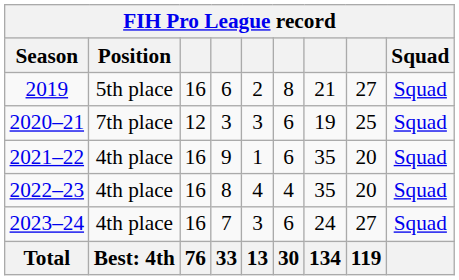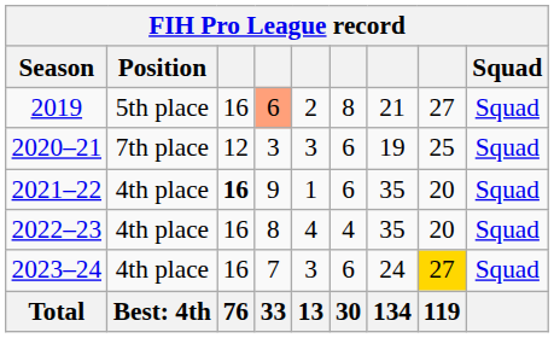 <table class="wikitable" style="text-align: center;">
 <tr>
 <th colspan=10><a href='#'>FIH Pro League</a> record</th>
 </tr>
 <tr>
 <th>Season</th>
 <th>Position</th>
 <th></th>
 <th></th>
 <th></th>
 <th></th>
 <th></th>
 <th></th>
 <th>Squad</th>
 </tr>
 <tr>
 <td> <a href='#'>2019</a></td>
 <td>5th place</td>
 <td>16</td>
-<td>6</td>
+<td style="background: lightsalmon;">6</td>
 <td>2</td>
 <td>8</td>
 <td>21</td>
 <td>27</td>
 <td><a href='#'>Squad</a></td>
 </tr>
 <tr>
 <td><a href='#'>2020–21</a></td>
 <td>7th place</td>
 <td>12</td>
 <td>3</td>
 <td>3</td>
 <td>6</td>
 <td>19</td>
 <td>25</td>
 <td><a href='#'>Squad</a></td>
 </tr>
 <tr>
 <td><a href='#'>2021–22</a></td>
 <td>4th place</td>
-<td>16</td>
+<td><strong>16</strong></td>
 <td>9</td>
 <td>1</td>
 <td>6</td>
 <td>35</td>
 <td>20</td>
 <td><a href='#'>Squad</a></td>
 </tr>
 <tr>
 <td><a href='#'>2022–23</a></td>
 <td>4th place</td>
 <td>16</td>
 <td>8</td>
 <td>4</td>
 <td>4</td>
 <td>35</td>
 <td>20</td>
 <td><a href='#'>Squad</a></td>
 </tr>
 <tr>
 <td><a href='#'>2023–24</a></td>
 <td>4th place</td>
 <td>16</td>
 <td>7</td>
 <td>3</td>
 <td>6</td>
 <td>24</td>
-<td>27</td>
+<td style="background: gold;">27</td>
 <td><a href='#'>Squad</a></td>
 </tr>
 <tr>
 <th>Total</th>
 <th>Best: 4th</th>
 <th>76</th>
 <th>33</th>
 <th>13</th>
 <th>30</th>
 <th>134</th>
 <th>119</th>
 <th></th>
 </tr>
 </table>
